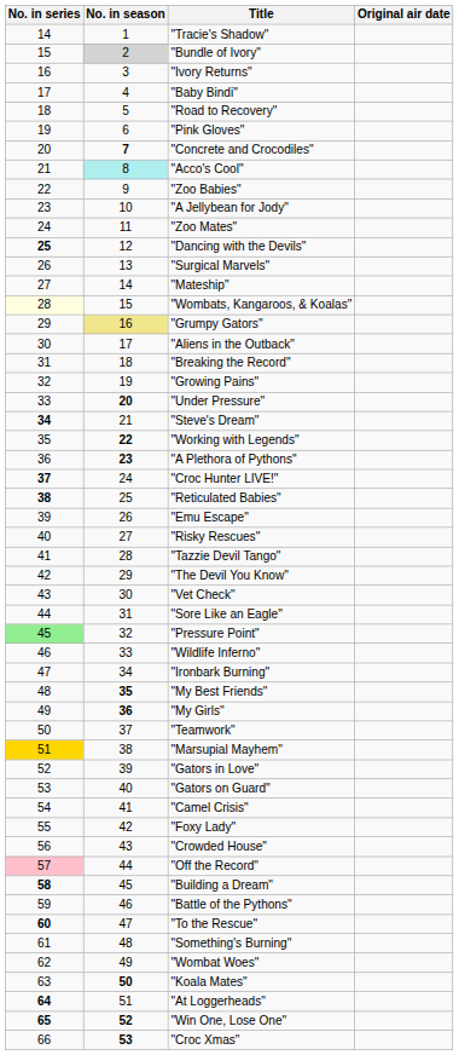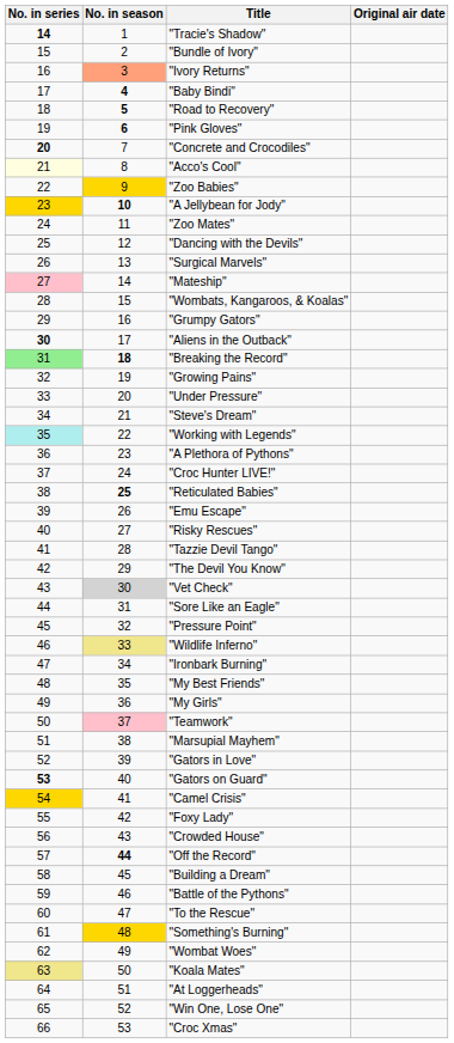 <table class="wikitable plainrowheaders" style="text-align:center">
 <tr>
 <th scope="col">No. in series</th>
 <th scope="col">No. in season</th>
 <th scope="col">Title</th>
 <th scope="col">Original air date</th>
 </tr>
 <tr>
-<td scope="row">14</td>
+<td scope="row"><strong>14</strong></td>
 <td>1</td>
 <td style="text-align:left">"Tracie's Shadow"</td>
 <td></td>
 </tr>
 <tr>
 <td scope="row">15</td>
-<td style="background: lightgrey;">2</td>
+<td>2</td>
 <td style="text-align:left">"Bundle of Ivory"</td>
 <td></td>
 </tr>
 <tr>
 <td scope="row">16</td>
-<td>3</td>
+<td style="background: lightsalmon;">3</td>
 <td style="text-align:left">"Ivory Returns"</td>
 <td></td>
 </tr>
 <tr>
 <td scope="row">17</td>
-<td>4</td>
+<td><strong>4</strong></td>
 <td style="text-align:left">"Baby Bindi"</td>
 <td></td>
 </tr>
 <tr>
 <td scope="row">18</td>
-<td>5</td>
+<td><strong>5</strong></td>
 <td style="text-align:left">"Road to Recovery"</td>
 <td></td>
 </tr>
 <tr>
 <td scope="row">19</td>
-<td>6</td>
+<td><strong>6</strong></td>
 <td style="text-align:left">"Pink Gloves"</td>
 <td></td>
 </tr>
 <tr>
-<td scope="row">20</td>
-<td><strong>7</strong></td>
+<td scope="row"><strong>20</strong></td>
+<td>7</td>
 <td style="text-align:left">"Concrete and Crocodiles"</td>
 <td></td>
 </tr>
 <tr>
-<td scope="row">21</td>
-<td style="background: paleturquoise;">8</td>
+<td scope="row" style="background: lightyellow;">21</td>
+<td>8</td>
 <td style="text-align:left">"Acco's Cool"</td>
 <td></td>
 </tr>
 <tr>
 <td scope="row">22</td>
-<td>9</td>
+<td style="background: gold;">9</td>
 <td style="text-align:left">"Zoo Babies"</td>
 <td></td>
 </tr>
 <tr>
-<td scope="row">23</td>
-<td>10</td>
+<td scope="row" style="background: gold;">23</td>
+<td><strong>10</strong></td>
 <td style="text-align:left">"A Jellybean for Jody"</td>
 <td></td>
 </tr>
 <tr>
 <td scope="row">24</td>
 <td>11</td>
 <td style="text-align:left">"Zoo Mates"</td>
 <td></td>
 </tr>
 <tr>
-<td scope="row"><strong>25</strong></td>
+<td scope="row">25</td>
 <td>12</td>
 <td style="text-align:left">"Dancing with the Devils"</td>
 <td></td>
 </tr>
 <tr>
 <td scope="row">26</td>
 <td>13</td>
 <td style="text-align:left">"Surgical Marvels"</td>
 <td></td>
 </tr>
 <tr>
-<td scope="row">27</td>
+<td scope="row" style="background: pink;">27</td>
 <td>14</td>
 <td style="text-align:left">"Mateship"</td>
 <td></td>
 </tr>
 <tr>
-<td scope="row" style="background: lightyellow;">28</td>
+<td scope="row">28</td>
 <td>15</td>
 <td style="text-align:left">"Wombats, Kangaroos, & Koalas"</td>
 <td></td>
 </tr>
 <tr>
 <td scope="row">29</td>
-<td style="background: khaki;">16</td>
+<td>16</td>
 <td style="text-align:left">"Grumpy Gators"</td>
 <td></td>
 </tr>
 <tr>
-<td scope="row">30</td>
+<td scope="row"><strong>30</strong></td>
 <td>17</td>
 <td style="text-align:left">"Aliens in the Outback"</td>
 <td></td>
 </tr>
 <tr>
-<td scope="row">31</td>
-<td>18</td>
+<td scope="row" style="background: lightgreen;">31</td>
+<td><strong>18</strong></td>
 <td style="text-align:left">"Breaking the Record"</td>
 <td></td>
 </tr>
 <tr>
 <td scope="row">32</td>
 <td>19</td>
 <td style="text-align:left">"Growing Pains"</td>
 <td></td>
 </tr>
 <tr>
 <td scope="row">33</td>
-<td><strong>20</strong></td>
+<td>20</td>
 <td style="text-align:left">"Under Pressure"</td>
 <td></td>
 </tr>
 <tr>
-<td scope="row"><strong>34</strong></td>
+<td scope="row">34</td>
 <td>21</td>
 <td style="text-align:left">"Steve's Dream"</td>
 <td></td>
 </tr>
 <tr>
-<td scope="row">35</td>
-<td><strong>22</strong></td>
+<td scope="row" style="background: paleturquoise;">35</td>
+<td>22</td>
 <td style="text-align:left">"Working with Legends"</td>
 <td></td>
 </tr>
 <tr>
 <td scope="row">36</td>
-<td><strong>23</strong></td>
+<td>23</td>
 <td style="text-align:left">"A Plethora of Pythons"</td>
 <td></td>
 </tr>
 <tr>
-<td scope="row"><strong>37</strong></td>
+<td scope="row">37</td>
 <td>24</td>
 <td style="text-align:left">"Croc Hunter LIVE!"</td>
 <td></td>
 </tr>
 <tr>
-<td scope="row"><strong>38</strong></td>
-<td>25</td>
+<td scope="row">38</td>
+<td><strong>25</strong></td>
 <td style="text-align:left">"Reticulated Babies"</td>
 <td></td>
 </tr>
 <tr>
 <td scope="row">39</td>
 <td>26</td>
 <td style="text-align:left">"Emu Escape"</td>
 <td></td>
 </tr>
 <tr>
 <td scope="row">40</td>
 <td>27</td>
 <td style="text-align:left">"Risky Rescues"</td>
 <td></td>
 </tr>
 <tr>
 <td scope="row">41</td>
 <td>28</td>
 <td style="text-align:left">"Tazzie Devil Tango"</td>
 <td></td>
 </tr>
 <tr>
 <td scope="row">42</td>
 <td>29</td>
 <td style="text-align:left">"The Devil You Know"</td>
 <td></td>
 </tr>
 <tr>
 <td scope="row">43</td>
-<td>30</td>
+<td style="background: lightgrey;">30</td>
 <td style="text-align:left">"Vet Check"</td>
 <td></td>
 </tr>
 <tr>
 <td scope="row">44</td>
 <td>31</td>
 <td style="text-align:left">"Sore Like an Eagle"</td>
 <td></td>
 </tr>
 <tr>
-<td scope="row" style="background: lightgreen;">45</td>
+<td scope="row">45</td>
 <td>32</td>
 <td style="text-align:left">"Pressure Point"</td>
 <td></td>
 </tr>
 <tr>
 <td scope="row">46</td>
-<td>33</td>
+<td style="background: khaki;">33</td>
 <td style="text-align:left">"Wildlife Inferno"</td>
 <td></td>
 </tr>
 <tr>
 <td scope="row">47</td>
 <td>34</td>
 <td style="text-align:left">"Ironbark Burning"</td>
 <td></td>
 </tr>
 <tr>
 <td scope="row">48</td>
-<td><strong>35</strong></td>
+<td>35</td>
 <td style="text-align:left">"My Best Friends"</td>
 <td></td>
 </tr>
 <tr>
 <td scope="row">49</td>
-<td><strong>36</strong></td>
+<td>36</td>
 <td style="text-align:left">"My Girls"</td>
 <td></td>
 </tr>
 <tr>
 <td scope="row">50</td>
-<td>37</td>
+<td style="background: pink;">37</td>
 <td style="text-align:left">"Teamwork"</td>
 <td></td>
 </tr>
 <tr>
-<td scope="row" style="background: gold;">51</td>
+<td scope="row">51</td>
 <td>38</td>
 <td style="text-align:left">"Marsupial Mayhem"</td>
 <td></td>
 </tr>
 <tr>
 <td scope="row">52</td>
 <td>39</td>
 <td style="text-align:left">"Gators in Love"</td>
 <td></td>
 </tr>
 <tr>
-<td scope="row">53</td>
+<td scope="row"><strong>53</strong></td>
 <td>40</td>
 <td style="text-align:left">"Gators on Guard"</td>
 <td></td>
 </tr>
 <tr>
-<td scope="row">54</td>
+<td scope="row" style="background: gold;">54</td>
 <td>41</td>
 <td style="text-align:left">"Camel Crisis"</td>
 <td></td>
 </tr>
 <tr>
 <td scope="row">55</td>
 <td>42</td>
 <td style="text-align:left">"Foxy Lady"</td>
 <td></td>
 </tr>
 <tr>
 <td scope="row">56</td>
 <td>43</td>
 <td style="text-align:left">"Crowded House"</td>
 <td></td>
 </tr>
 <tr>
-<td scope="row" style="background: pink;">57</td>
-<td>44</td>
+<td scope="row">57</td>
+<td><strong>44</strong></td>
 <td style="text-align:left">"Off the Record"</td>
 <td></td>
 </tr>
 <tr>
-<td scope="row"><strong>58</strong></td>
+<td scope="row">58</td>
 <td>45</td>
 <td style="text-align:left">"Building a Dream"</td>
 <td></td>
 </tr>
 <tr>
 <td scope="row">59</td>
 <td>46</td>
 <td style="text-align:left">"Battle of the Pythons"</td>
 <td></td>
 </tr>
 <tr>
-<td scope="row"><strong>60</strong></td>
+<td scope="row">60</td>
 <td>47</td>
 <td style="text-align:left">"To the Rescue"</td>
 <td></td>
 </tr>
 <tr>
 <td scope="row">61</td>
-<td>48</td>
+<td style="background: gold;">48</td>
 <td style="text-align:left">"Something's Burning"</td>
 <td></td>
 </tr>
 <tr>
 <td scope="row">62</td>
 <td>49</td>
 <td style="text-align:left">"Wombat Woes"</td>
 <td></td>
 </tr>
 <tr>
-<td scope="row">63</td>
-<td><strong>50</strong></td>
+<td scope="row" style="background: khaki;">63</td>
+<td>50</td>
 <td style="text-align:left">"Koala Mates"</td>
 <td></td>
 </tr>
 <tr>
-<td scope="row"><strong>64</strong></td>
+<td scope="row">64</td>
 <td>51</td>
 <td style="text-align:left">"At Loggerheads"</td>
 <td></td>
 </tr>
 <tr>
-<td scope="row"><strong>65</strong></td>
-<td><strong>52</strong></td>
+<td scope="row">65</td>
+<td>52</td>
 <td style="text-align:left">"Win One, Lose One"</td>
 <td></td>
 </tr>
 <tr>
 <td scope="row">66</td>
-<td><strong>53</strong></td>
+<td>53</td>
 <td style="text-align:left">"Croc Xmas"</td>
 <td></td>
 </tr>
 </table>
